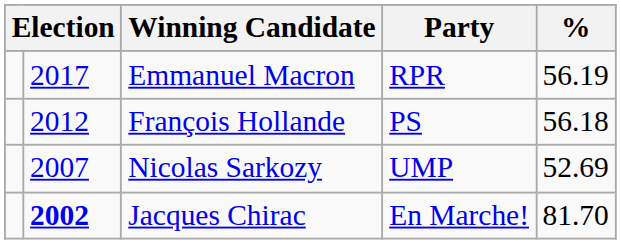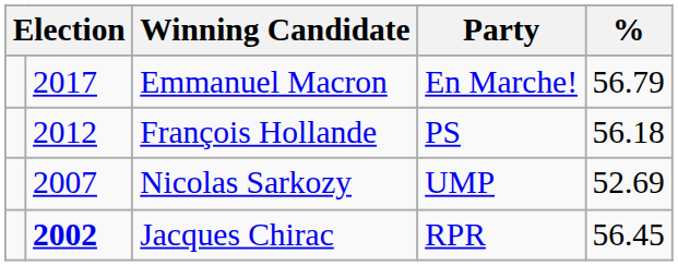 <table class="wikitable">
 <tr>
 <th colspan="2">Election</th>
 <th>Winning Candidate</th>
 <th>Party</th>
 <th>%</th>
 </tr>
 <tr>
 <td style="background-color: "></td>
 <td><a href='#'>2017</a></td>
 <td><a href='#'>Emmanuel Macron</a></td>
-<td><a href='#'>RPR</a></td>
-<td>56.19</td>
+<td><a href='#'>En Marche!</a></td>
+<td>56.79</td>
 </tr>
 <tr>
 <td style="background-color: "></td>
 <td><a href='#'>2012</a></td>
 <td><a href='#'>François Hollande</a></td>
 <td><a href='#'>PS</a></td>
 <td>56.18</td>
 </tr>
 <tr>
 <td style="background-color: "></td>
 <td><a href='#'>2007</a></td>
 <td><a href='#'>Nicolas Sarkozy</a></td>
 <td><a href='#'>UMP</a></td>
 <td>52.69</td>
 </tr>
 <tr>
 <td style="background-color: "></td>
 <td><strong><a href='#'>2002</a></strong></td>
 <td><a href='#'>Jacques Chirac</a></td>
-<td><a href='#'>En Marche!</a></td>
-<td>81.70</td>
+<td><a href='#'>RPR</a></td>
+<td>56.45</td>
 </tr>
 </table>
